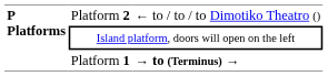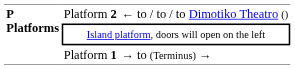 <table table border=0 cellspacing=0 cellpadding=3>
 <tr>
 <td style="border-bottom:solid 1px gray;border-top:solid 1px gray;" rowspan=3 valign=top><strong>P<br>Platforms</strong></td>
 <td style="border-top:solid 1px gray;">Platform <strong>2</strong></td>
 <td style="border-top:solid 1px gray;">←  to  /  to  /  to <a href='#'>Dimotiko Theatro</a> <small>()</small></td>
 </tr>
 <tr>
 <td style="border-bottom:solid 2px black;border-top:solid 2px black;border-right:solid 2px black;border-left:solid 2px black;text-align:center;" colspan=2><small><a href='#'>Island platform</a>, doors will open on the left</small></td>
 </tr>
 <tr>
 <td style="border-bottom:solid 1px gray;">Platform <strong>1</strong></td>
-<td style="border-bottom:solid 1px gray;"><strong><span>→</span>    to  <small>(Terminus)</small> →</strong></td>
+<td style="border-bottom:solid 1px gray;"><span>→</span>    to  <small>(Terminus)</small> →</td>
 </tr>
 </table>
